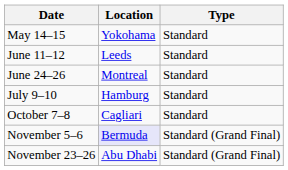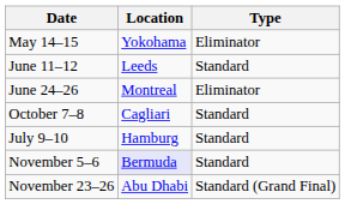 <table class="wikitable" style="display:inline-table;">
 <tr>
 <th>Date</th>
 <th>Location</th>
 <th>Type</th>
 </tr>
 <tr>
 <td>May 14–15</td>
 <td> <a href='#'>Yokohama</a></td>
-<td>Standard</td>
+<td>Eliminator </td>
 </tr>
 <tr>
 <td>June 11–12</td>
 <td> <a href='#'>Leeds</a></td>
 <td>Standard</td>
 </tr>
 <tr>
 <td>June 24–26</td>
 <td> <a href='#'>Montreal</a></td>
+<td>Eliminator </td>
+</tr>
+<tr>
+<td>October 7–8</td>
+<td> <a href='#'>Cagliari</a></td>
 <td>Standard</td>
 </tr>
 <tr>
 <td>July 9–10</td>
 <td> <a href='#'>Hamburg</a></td>
 <td>Standard</td>
 </tr>
 <tr>
-<td>October 7–8</td>
-<td> <a href='#'>Cagliari</a></td>
-<td>Standard</td>
-</tr>
-<tr>
 <td>November 5–6</td>
 <td style="background: lavender;"> <a href='#'>Bermuda</a></td>
-<td>Standard (Grand Final)</td>
+<td>Standard</td>
 </tr>
 <tr>
 <td>November 23–26</td>
 <td> <a href='#'>Abu Dhabi</a></td>
 <td>Standard (Grand Final)</td>
 </tr>
 </table>
